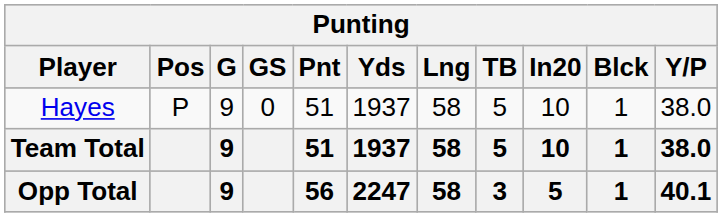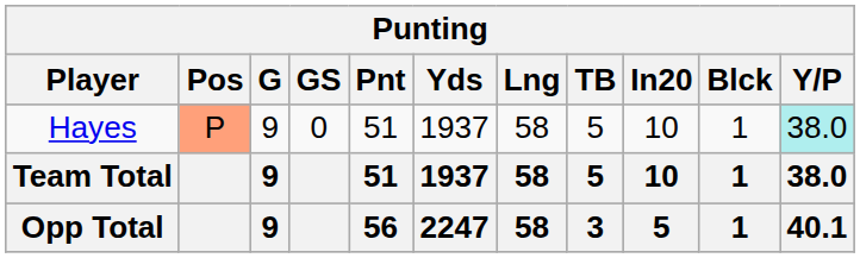 <table class="wikitable" style="text-align:center">
 <tr>
 <th colspan="11">Punting</th>
 </tr>
 <tr>
 <th>Player</th>
 <th>Pos</th>
 <th>G</th>
 <th>GS</th>
 <th>Pnt</th>
 <th>Yds</th>
 <th>Lng</th>
 <th>TB</th>
 <th>In20</th>
 <th>Blck</th>
 <th>Y/P</th>
 </tr>
 <tr>
 <td><a href='#'>Hayes</a></td>
-<td>P</td>
+<td style="background: lightsalmon;">P</td>
 <td>9</td>
 <td>0</td>
 <td>51</td>
 <td>1937</td>
 <td>58</td>
 <td>5</td>
 <td>10</td>
 <td>1</td>
-<td>38.0</td>
+<td style="background: paleturquoise;">38.0</td>
 </tr>
 <tr>
 <th>Team Total</th>
 <th></th>
 <th>9</th>
 <th></th>
 <th>51</th>
 <th>1937</th>
 <th>58</th>
 <th>5</th>
 <th>10</th>
 <th>1</th>
 <th>38.0</th>
 </tr>
 <tr>
 <th>Opp Total</th>
 <th></th>
 <th>9</th>
 <th></th>
 <th>56</th>
 <th>2247</th>
 <th>58</th>
 <th>3</th>
 <th>5</th>
 <th>1</th>
 <th>40.1</th>
 </tr>
 </table>
